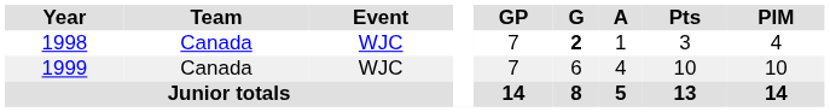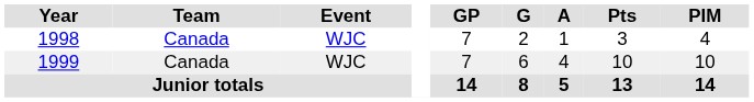 <table border="0" cellpadding="1" cellspacing="0" style="text-align:center; width:40em">
 <tr ALIGN="center" bgcolor="#e0e0e0">
 <th>Year</th>
 <th>Team</th>
 <th>Event</th>
 <th rowspan="99" bgcolor="#ffffff"> </th>
 <th>GP</th>
 <th>G</th>
 <th>A</th>
 <th>Pts</th>
 <th>PIM</th>
 </tr>
 <tr>
 <td><a href='#'>1998</a></td>
 <td><a href='#'>Canada</a></td>
 <td><a href='#'>WJC</a></td>
 <td>7</td>
-<td><strong>2</strong></td>
+<td>2</td>
 <td>1</td>
 <td>3</td>
 <td>4</td>
 </tr>
 <tr bgcolor="#f0f0f0">
 <td><a href='#'>1999</a></td>
 <td>Canada</td>
 <td>WJC</td>
 <td>7</td>
 <td>6</td>
 <td>4</td>
 <td>10</td>
 <td>10</td>
 </tr>
 <tr bgcolor="#e0e0e0">
 <th colspan="3">Junior totals</th>
 <th>14</th>
 <th>8</th>
 <th>5</th>
 <th>13</th>
 <th>14</th>
 </tr>
 </table>
